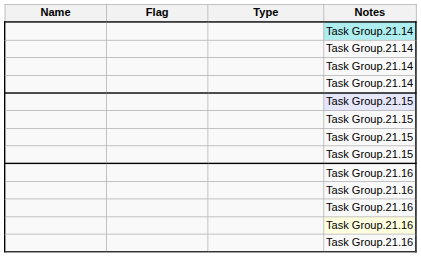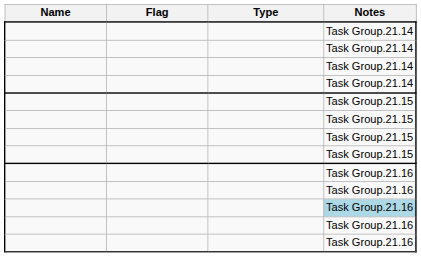 <table class="wikitable">
 <tr>
 <th scope="col" width="140px">Name</th>
 <th scope="col" width="140px">Flag</th>
 <th width="160px">Type</th>
 <th>Notes</th>
 </tr>
 <tr>
 <td style="border-left:2px solid; border-top:2px solid" align="left"></td>
 <td style="border-top:2px solid" align="left"></td>
 <td style="border-top:2px solid" align="left"></td>
-<td style="background: paleturquoise; border-top:2px solid; border-right:2px solid" align="left">Task Group.21.14</td>
+<td style="border-top:2px solid; border-right:2px solid" align="left">Task Group.21.14</td>
 </tr>
 <tr>
 <td style="border-left:2px solid" align="left"></td>
 <td align="left"></td>
 <td align="left"></td>
 <td style="border-right:2px solid" align="left">Task Group.21.14</td>
 </tr>
 <tr>
 <td style="border-left:2px solid" align="left"></td>
 <td align="left"></td>
 <td align="left"></td>
 <td style="border-right:2px solid" align="left">Task Group.21.14</td>
 </tr>
 <tr>
 <td style="border-left:2px solid; border-bottom:2px solid" align="left"></td>
 <td style="border-bottom:2px solid" align="left"></td>
 <td style="border-bottom:2px solid" align="left"></td>
 <td style="border-right:2px solid; border-bottom:2px solid" align="left">Task Group.21.14</td>
 </tr>
 <tr>
 <td style="border-left:2px solid" align="left"></td>
 <td align="left"></td>
 <td align="left"></td>
-<td style="background: lavender; border-right:2px solid" align="left">Task Group.21.15</td>
+<td style="border-right:2px solid" align="left">Task Group.21.15</td>
 </tr>
 <tr>
 <td style="border-left:2px solid" align="left"></td>
 <td align="left"></td>
 <td align="left"></td>
 <td style="border-right:2px solid" align="left">Task Group.21.15</td>
 </tr>
 <tr>
 <td style="border-left:2px solid" align="left"></td>
 <td align="left"></td>
 <td align="left"></td>
 <td style="border-right:2px solid" align="left">Task Group.21.15</td>
 </tr>
 <tr>
 <td style="border-left:2px solid; border-bottom:2px solid" align="left"></td>
 <td style="border-bottom:2px solid" align="left"></td>
 <td style="border-bottom:2px solid" align="left"></td>
 <td style="border-right:2px solid; border-bottom:2px solid" align="left">Task Group.21.15</td>
 </tr>
 <tr>
 <td style="border-left:2px solid" align="left"></td>
 <td align="left"></td>
 <td align="left"></td>
 <td style="border-right:2px solid" align="left">Task Group.21.16</td>
 </tr>
 <tr>
 <td style="border-left:2px solid" align="left"></td>
 <td align="left"></td>
 <td align="left"></td>
 <td style="border-right:2px solid" align="left">Task Group.21.16</td>
 </tr>
 <tr>
 <td style="border-left:2px solid" align="left"></td>
 <td align="left"></td>
 <td align="left"></td>
-<td style="border-right:2px solid" align="left">Task Group.21.16</td>
+<td style="background: lightblue; border-right:2px solid" align="left">Task Group.21.16</td>
 </tr>
 <tr>
 <td style="border-left:2px solid" align="left"></td>
 <td align="left"></td>
 <td align="left"></td>
-<td style="background: lightyellow; border-right:2px solid" align="left">Task Group.21.16</td>
+<td style="border-right:2px solid" align="left">Task Group.21.16</td>
 </tr>
 <tr>
 <td style="border-left:2px solid; border-bottom:2px solid" align="left"></td>
 <td style="border-bottom:2px solid" align="left"></td>
 <td style="border-bottom:2px solid" align="left"></td>
 <td style="border-right:2px solid; border-bottom:2px solid" align="left">Task Group.21.16</td>
 </tr>
 <tr>
 </tr>
 </table>
